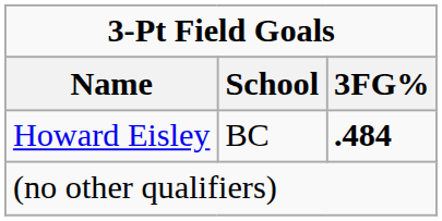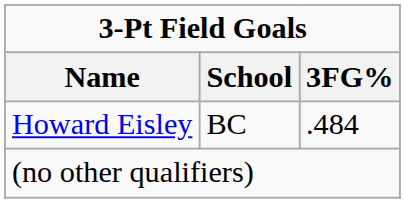 <table class="wikitable">
 <tr>
 <td colspan=3 style="text-align:center;"><strong>3-Pt Field Goals</strong></td>
 </tr>
 <tr>
 <th>Name</th>
 <th>School</th>
 <th>3FG%</th>
 </tr>
 <tr>
 <td><a href='#'>Howard Eisley</a></td>
 <td>BC</td>
-<td><strong>.484</strong></td>
+<td>.484</td>
 </tr>
 <tr>
 <td colspan=3>(no other qualifiers)</td>
 </tr>
 </table>
